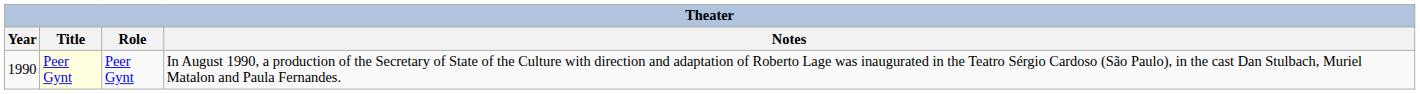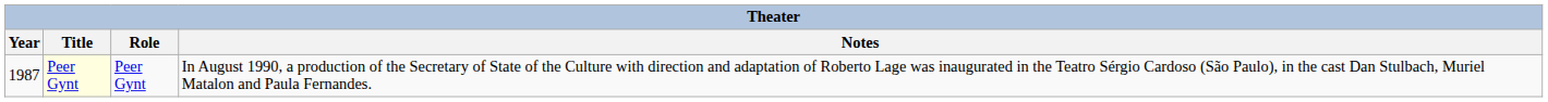 <table class="wikitable">
 <tr>
 <th colspan="4" style="background: LightSteelBlue;">Theater</th>
 </tr>
 <tr>
 <th>Year</th>
 <th>Title</th>
 <th>Role</th>
 <th>Notes</th>
 </tr>
 <tr>
-<td>1990</td>
+<td>1987</td>
 <td style="background: lightyellow;"><a href='#'>Peer Gynt</a></td>
 <td><a href='#'>Peer Gynt</a></td>
 <td>In August 1990, a production of the Secretary of State of the Culture with direction and adaptation of Roberto Lage was inaugurated in the Teatro Sérgio Cardoso (São Paulo), in the cast Dan Stulbach, Muriel Matalon and Paula Fernandes.</td>
 </tr>
 </table>
